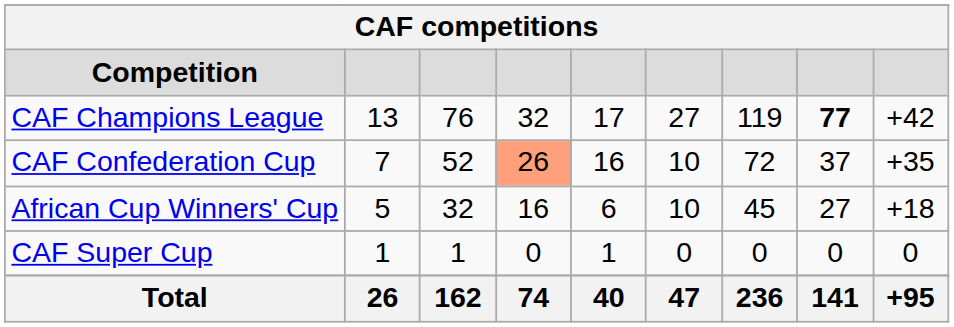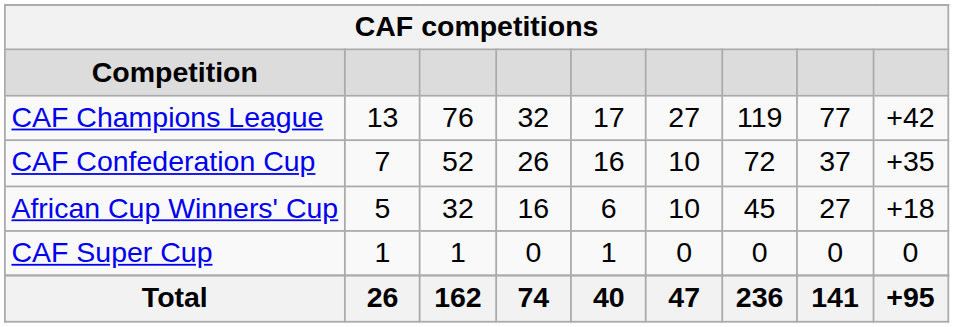 <table class="wikitable" style="text-align: center;">
 <tr>
 </tr>
 <tr>
 <th colspan="9">CAF competitions</th>
 </tr>
 <tr>
 <th style="background:#DCDCDC">Competition</th>
 <th width="35" style="background:#DCDCDC"></th>
 <th width="35" style="background:#DCDCDC"></th>
 <th width="35" style="background:#DCDCDC"></th>
 <th width="35" style="background:#DCDCDC"></th>
 <th width="35" style="background:#DCDCDC"></th>
 <th width="35" style="background:#DCDCDC"></th>
 <th width="35" style="background:#DCDCDC"></th>
 <th width="35" style="background:#DCDCDC"></th>
 </tr>
 <tr>
 <td align=left><a href='#'>CAF Champions League</a></td>
 <td>13</td>
 <td>76</td>
 <td>32</td>
 <td>17</td>
 <td>27</td>
 <td>119</td>
-<td><strong>77</strong></td>
+<td>77</td>
 <td>+42</td>
 </tr>
 <tr>
 <td align=left><a href='#'>CAF Confederation Cup</a></td>
 <td>7</td>
 <td>52</td>
-<td style="background: lightsalmon;">26</td>
+<td>26</td>
 <td>16</td>
 <td>10</td>
 <td>72</td>
 <td>37</td>
 <td>+35</td>
 </tr>
 <tr>
 <td align=left><a href='#'>African Cup Winners' Cup</a></td>
 <td>5</td>
 <td>32</td>
 <td>16</td>
 <td>6</td>
 <td>10</td>
 <td>45</td>
 <td>27</td>
 <td>+18</td>
 </tr>
 <tr>
 <td align=left><a href='#'>CAF Super Cup</a></td>
 <td>1</td>
 <td>1</td>
 <td>0</td>
 <td>1</td>
 <td>0</td>
 <td>0</td>
 <td>0</td>
 <td>0</td>
 </tr>
 <tr>
 </tr>
 <tr class="sortbottom">
 <th>Total</th>
 <th>26</th>
 <th>162</th>
 <th>74</th>
 <th>40</th>
 <th>47</th>
 <th>236</th>
 <th>141</th>
 <th>+95</th>
 </tr>
 </table>
